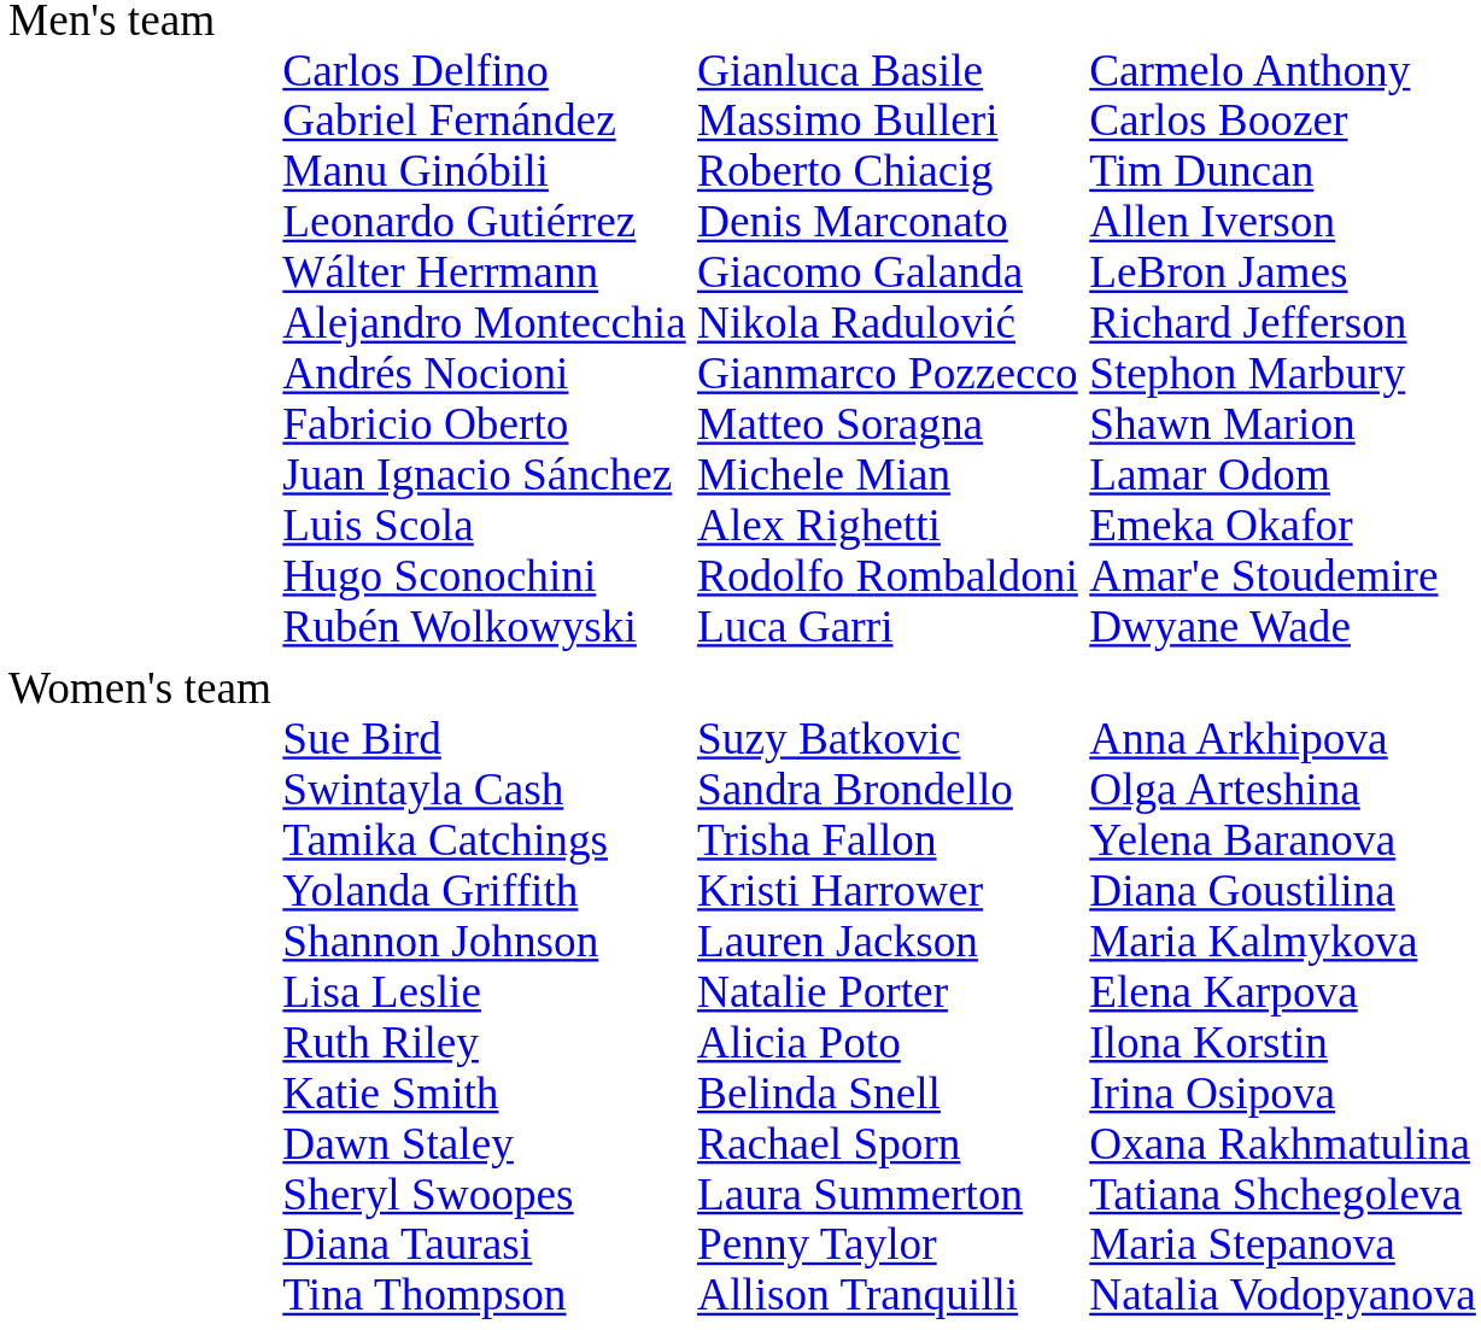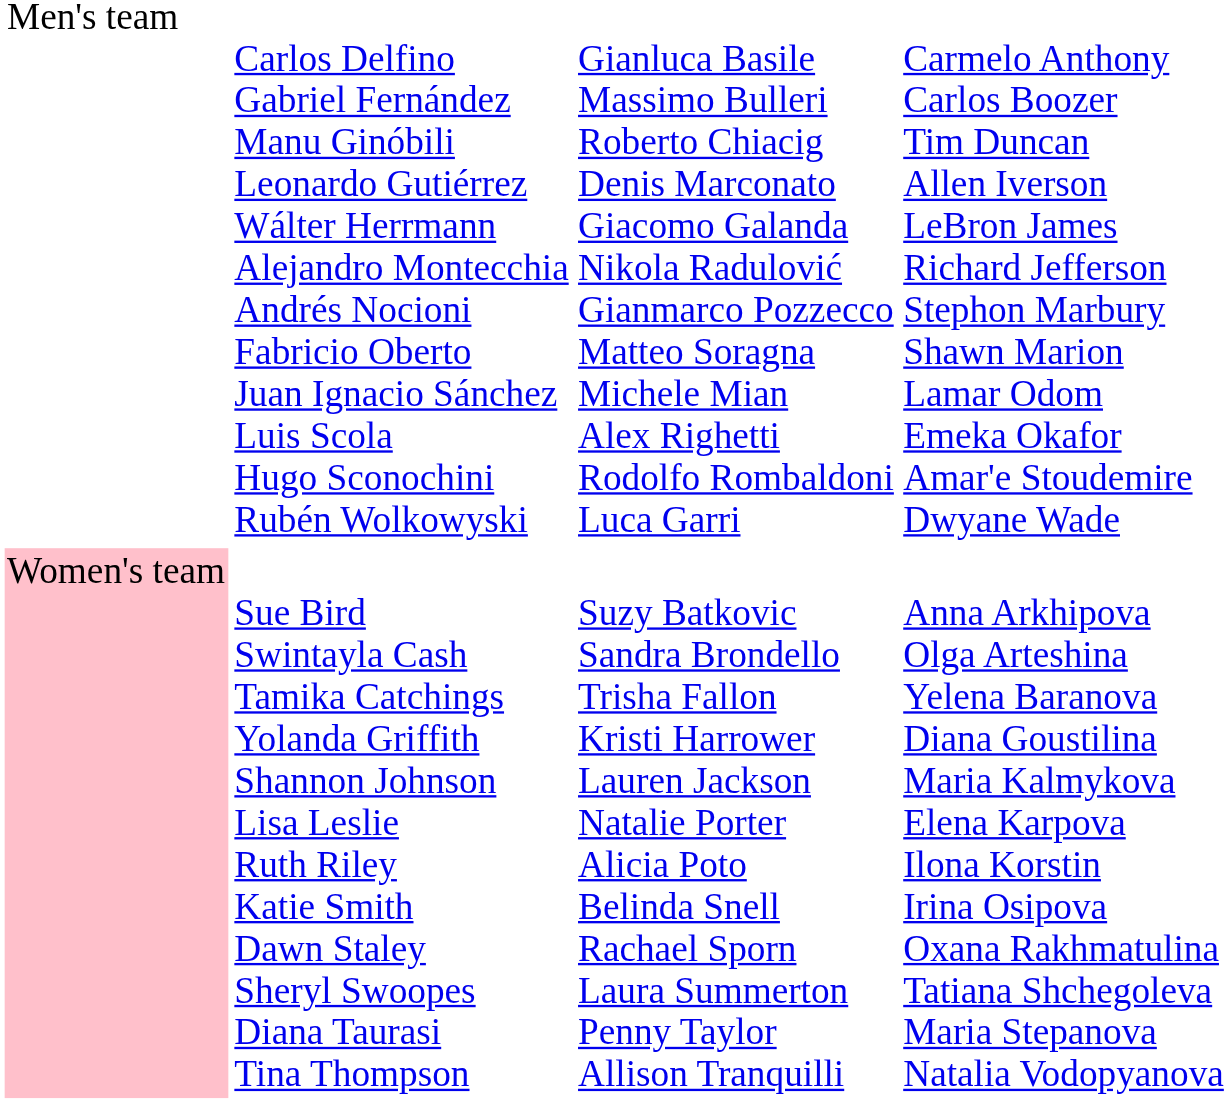 <table>
 <tr valign="top">
 <td>Men's team<br></td>
 <td><br><a href='#'>Carlos Delfino</a><br><a href='#'>Gabriel Fernández</a><br><a href='#'>Manu Ginóbili</a><br><a href='#'>Leonardo Gutiérrez</a><br><a href='#'>Wálter Herrmann</a><br><a href='#'>Alejandro Montecchia</a><br><a href='#'>Andrés Nocioni</a><br><a href='#'>Fabricio Oberto</a><br><a href='#'>Juan Ignacio Sánchez</a><br><a href='#'>Luis Scola</a><br><a href='#'>Hugo Sconochini</a><br><a href='#'>Rubén Wolkowyski</a></td>
 <td><br><a href='#'>Gianluca Basile</a><br><a href='#'>Massimo Bulleri</a><br><a href='#'>Roberto Chiacig</a><br><a href='#'>Denis Marconato</a><br><a href='#'>Giacomo Galanda</a><br><a href='#'>Nikola Radulović</a><br><a href='#'>Gianmarco Pozzecco</a><br><a href='#'>Matteo Soragna</a><br><a href='#'>Michele Mian</a><br><a href='#'>Alex Righetti</a><br><a href='#'>Rodolfo Rombaldoni</a><br><a href='#'>Luca Garri</a></td>
 <td><br><a href='#'>Carmelo Anthony</a><br><a href='#'>Carlos Boozer</a><br><a href='#'>Tim Duncan</a><br><a href='#'>Allen Iverson</a><br><a href='#'>LeBron James</a><br><a href='#'>Richard Jefferson</a><br><a href='#'>Stephon Marbury</a><br><a href='#'>Shawn Marion</a><br><a href='#'>Lamar Odom</a><br><a href='#'>Emeka Okafor</a><br><a href='#'>Amar'e Stoudemire</a><br><a href='#'>Dwyane Wade</a></td>
 </tr>
 <tr valign="top">
-<td>Women's team<br></td>
+<td style="background: pink;">Women's team<br></td>
 <td><br><a href='#'>Sue Bird</a><br><a href='#'>Swintayla Cash</a><br><a href='#'>Tamika Catchings</a><br><a href='#'>Yolanda Griffith</a><br><a href='#'>Shannon Johnson</a><br><a href='#'>Lisa Leslie</a><br><a href='#'>Ruth Riley</a><br><a href='#'>Katie Smith</a><br><a href='#'>Dawn Staley</a><br><a href='#'>Sheryl Swoopes</a><br><a href='#'>Diana Taurasi</a><br><a href='#'>Tina Thompson</a></td>
 <td><br><a href='#'>Suzy Batkovic</a><br><a href='#'>Sandra Brondello</a><br><a href='#'>Trisha Fallon</a><br><a href='#'>Kristi Harrower</a><br><a href='#'>Lauren Jackson</a><br><a href='#'>Natalie Porter</a><br><a href='#'>Alicia Poto</a><br><a href='#'>Belinda Snell</a><br><a href='#'>Rachael Sporn</a><br><a href='#'>Laura Summerton</a><br><a href='#'>Penny Taylor</a><br><a href='#'>Allison Tranquilli</a></td>
 <td><br><a href='#'>Anna Arkhipova</a><br><a href='#'>Olga Arteshina</a><br><a href='#'>Yelena Baranova</a><br><a href='#'>Diana Goustilina</a><br><a href='#'>Maria Kalmykova</a><br><a href='#'>Elena Karpova</a><br><a href='#'>Ilona Korstin</a><br><a href='#'>Irina Osipova</a><br><a href='#'>Oxana Rakhmatulina</a><br><a href='#'>Tatiana Shchegoleva</a><br><a href='#'>Maria Stepanova</a><br><a href='#'>Natalia Vodopyanova</a></td>
 </tr>
 </table>
